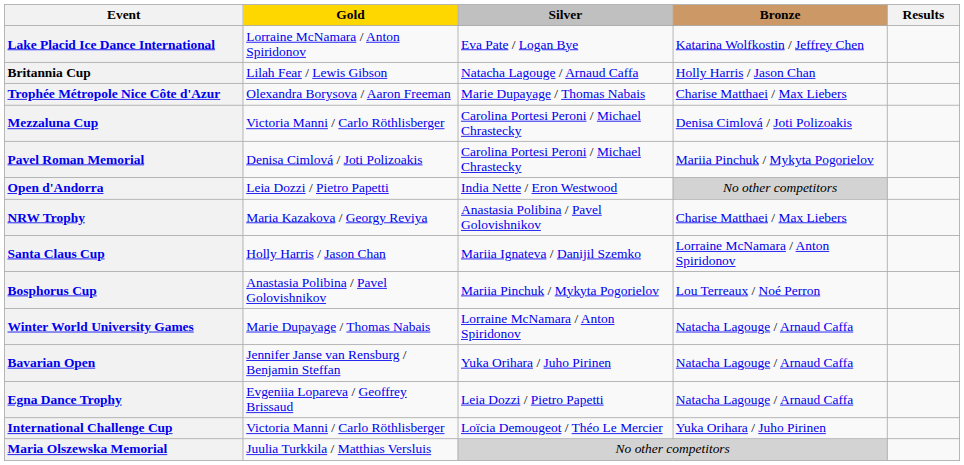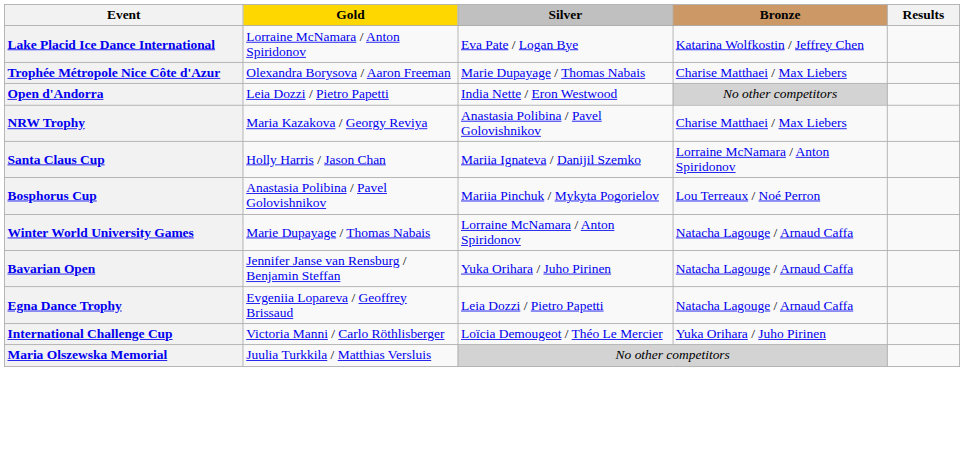 <table class="wikitable unsortable" style="text-align:left; width:90%;">
 <tr>
 <th scope="col" style="text-align:center; width:25%;">Event</th>
 <td scope="col" style="text-align:center; width:22.5%; background:gold"><strong>Gold</strong></td>
 <td scope="col" style="text-align:center; width:22.5%; background:silver"><strong>Silver</strong></td>
 <td scope="col" style="text-align:center; width:22.5%; background:#c96"><strong>Bronze</strong></td>
 <th scope="col" style="text-align:center; width:7.5%;">Results</th>
 </tr>
 <tr>
 <th scope="row" style="text-align:left"> <a href='#'>Lake Placid Ice Dance International</a></th>
 <td> <a href='#'>Lorraine McNamara</a> / <a href='#'>Anton Spiridonov</a></td>
 <td> <a href='#'>Eva Pate</a> / <a href='#'>Logan Bye</a></td>
 <td> <a href='#'>Katarina Wolfkostin</a> / <a href='#'>Jeffrey Chen</a></td>
 <td></td>
 </tr>
 <tr>
-<th scope="row" style="text-align:left"> Britannia Cup</th>
-<td> <a href='#'>Lilah Fear</a> / <a href='#'>Lewis Gibson</a></td>
-<td> <a href='#'>Natacha Lagouge</a> / <a href='#'>Arnaud Caffa</a></td>
-<td> <a href='#'>Holly Harris</a> / <a href='#'>Jason Chan</a></td>
-<td></td>
-</tr>
-<tr>
 <th scope="row" style="text-align:left"> <a href='#'>Trophée Métropole Nice Côte d'Azur</a></th>
 <td> <a href='#'>Olexandra Borysova</a> / <a href='#'>Aaron Freeman</a></td>
 <td> <a href='#'>Marie Dupayage</a> / <a href='#'>Thomas Nabais</a></td>
 <td> <a href='#'>Charise Matthaei</a> / <a href='#'>Max Liebers</a></td>
-<td></td>
-</tr>
-<tr>
-<th scope="row" style="text-align:left"> <a href='#'>Mezzaluna Cup</a></th>
-<td> <a href='#'>Victoria Manni</a> / <a href='#'>Carlo Röthlisberger</a></td>
-<td> <a href='#'>Carolina Portesi Peroni</a> / <a href='#'>Michael Chrastecky</a></td>
-<td> <a href='#'>Denisa Cimlová</a> / <a href='#'>Joti Polizoakis</a></td>
-<td></td>
-</tr>
-<tr>
-<th scope="row" style="text-align:left"> <a href='#'>Pavel Roman Memorial</a></th>
-<td> <a href='#'>Denisa Cimlová</a> / <a href='#'>Joti Polizoakis</a></td>
-<td> <a href='#'>Carolina Portesi Peroni</a> / <a href='#'>Michael Chrastecky</a></td>
-<td> <a href='#'>Mariia Pinchuk</a> / <a href='#'>Mykyta Pogorielov</a></td>
 <td></td>
 </tr>
 <tr>
 <th scope="row" style="text-align:left"> <a href='#'>Open d'Andorra</a></th>
 <td> <a href='#'>Leia Dozzi</a> / <a href='#'>Pietro Papetti</a></td>
 <td> <a href='#'>India Nette</a> / <a href='#'>Eron Westwood</a></td>
 <td align="center" bgcolor="lightgray"><em>No other competitors</em></td>
 <td></td>
 </tr>
 <tr>
 <th scope="row" style="text-align:left"> <a href='#'>NRW Trophy</a></th>
 <td> <a href='#'>Maria Kazakova</a> / <a href='#'>Georgy Reviya</a></td>
 <td> <a href='#'>Anastasia Polibina</a> / <a href='#'>Pavel Golovishnikov</a></td>
 <td> <a href='#'>Charise Matthaei</a> / <a href='#'>Max Liebers</a></td>
 <td></td>
 </tr>
 <tr>
 <th scope="row" style="text-align:left"> <a href='#'>Santa Claus Cup</a></th>
 <td> <a href='#'>Holly Harris</a> / <a href='#'>Jason Chan</a></td>
 <td> <a href='#'>Mariia Ignateva</a> / <a href='#'>Danijil Szemko</a></td>
 <td> <a href='#'>Lorraine McNamara</a> / <a href='#'>Anton Spiridonov</a></td>
 <td></td>
 </tr>
 <tr>
 <th scope="row" style="text-align:left"> <a href='#'>Bosphorus Cup</a></th>
 <td> <a href='#'>Anastasia Polibina</a> / <a href='#'>Pavel Golovishnikov</a></td>
 <td> <a href='#'>Mariia Pinchuk</a> / <a href='#'>Mykyta Pogorielov</a></td>
 <td> <a href='#'>Lou Terreaux</a> / <a href='#'>Noé Perron</a></td>
 <td></td>
 </tr>
 <tr>
 <th scope="row" style="text-align:left"> <a href='#'>Winter World University Games</a></th>
 <td> <a href='#'>Marie Dupayage</a> / <a href='#'>Thomas Nabais</a></td>
 <td> <a href='#'>Lorraine McNamara</a> / <a href='#'>Anton Spiridonov</a></td>
 <td> <a href='#'>Natacha Lagouge</a> / <a href='#'>Arnaud Caffa</a></td>
 <td></td>
 </tr>
 <tr>
 <th scope="row" style="text-align:left"> <a href='#'>Bavarian Open</a></th>
 <td> <a href='#'>Jennifer Janse van Rensburg</a> / <a href='#'>Benjamin Steffan</a></td>
 <td> <a href='#'>Yuka Orihara</a> / <a href='#'>Juho Pirinen</a></td>
 <td> <a href='#'>Natacha Lagouge</a> / <a href='#'>Arnaud Caffa</a></td>
 <td></td>
 </tr>
 <tr>
 <th scope="row" style="text-align:left"> <a href='#'>Egna Dance Trophy</a></th>
 <td> <a href='#'>Evgeniia Lopareva</a> / <a href='#'>Geoffrey Brissaud</a></td>
 <td> <a href='#'>Leia Dozzi</a> / <a href='#'>Pietro Papetti</a></td>
 <td> <a href='#'>Natacha Lagouge</a> / <a href='#'>Arnaud Caffa</a></td>
 <td></td>
 </tr>
 <tr>
 <th scope="row" style="text-align:left"> <a href='#'>International Challenge Cup</a></th>
 <td> <a href='#'>Victoria Manni</a> / <a href='#'>Carlo Röthlisberger</a></td>
 <td> <a href='#'>Loïcia Demougeot</a> / <a href='#'>Théo Le Mercier</a></td>
 <td> <a href='#'>Yuka Orihara</a> / <a href='#'>Juho Pirinen</a></td>
 <td></td>
 </tr>
 <tr>
 <th scope="row" style="text-align:left"> <a href='#'>Maria Olszewska Memorial</a></th>
 <td> <a href='#'>Juulia Turkkila</a> / <a href='#'>Matthias Versluis</a></td>
 <td colspan="2" align="center" bgcolor="lightgray"><em>No other competitors</em></td>
 <td></td>
 </tr>
 </table>
